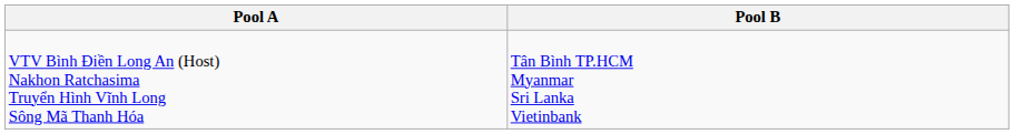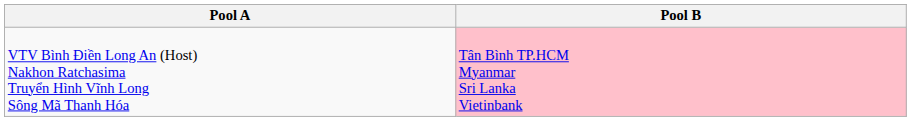 <table class="wikitable" width=50%>
 <tr>
 <th width=50%>Pool A</th>
 <th width=50%>Pool B</th>
 </tr>
 <tr>
 <td><br> <a href='#'>VTV Bình Điền Long An</a> (Host)<br>  <a href='#'>Nakhon Ratchasima</a> <br>   <a href='#'>Truyển Hình Vĩnh Long</a>    <br>  <a href='#'>Sông Mã Thanh Hóa</a><br></td>
-<td><br> <a href='#'>Tân Bình TP.HCM</a> <br>    <a href='#'>Myanmar</a><br>    <a href='#'>Sri Lanka</a><br>    <a href='#'>Vietinbank</a>  <br></td>
+<td style="background: pink;"><br> <a href='#'>Tân Bình TP.HCM</a> <br>    <a href='#'>Myanmar</a><br>    <a href='#'>Sri Lanka</a><br>    <a href='#'>Vietinbank</a>  <br></td>
 </tr>
 </table>
